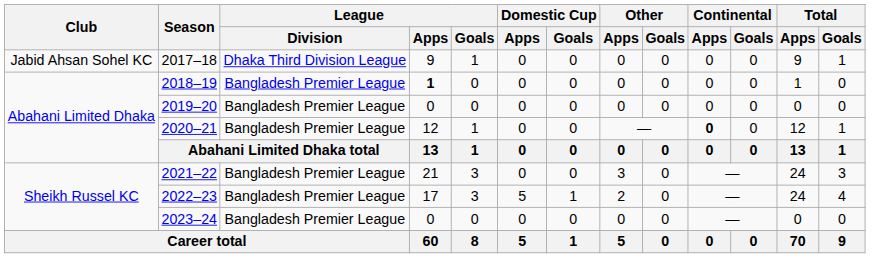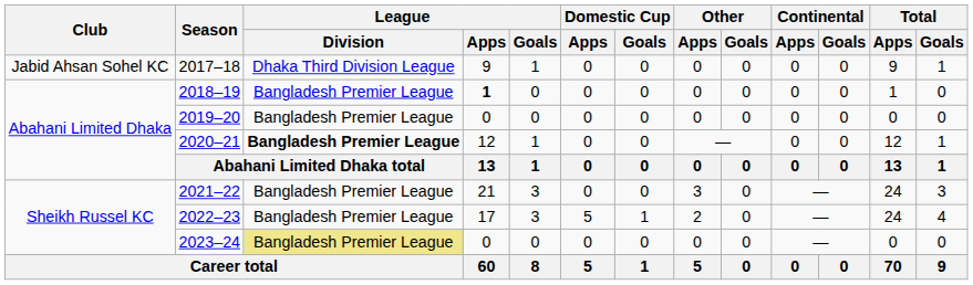 <table class="wikitable" style="text-align:center">
 <tr>
 <th rowspan="2">Club</th>
 <th rowspan="2">Season</th>
 <th colspan="3">League</th>
 <th colspan="2">Domestic Cup</th>
 <th colspan="2">Other</th>
 <th colspan="2">Continental</th>
 <th colspan="2">Total</th>
 </tr>
 <tr>
 <th>Division</th>
 <th>Apps</th>
 <th>Goals</th>
 <th>Apps</th>
 <th>Goals</th>
 <th>Apps</th>
 <th>Goals</th>
 <th>Apps</th>
 <th>Goals</th>
 <th>Apps</th>
 <th>Goals</th>
 </tr>
 <tr>
 <td>Jabid Ahsan Sohel KC</td>
 <td>2017–18</td>
 <td><a href='#'>Dhaka Third Division League</a></td>
 <td>9</td>
 <td>1</td>
 <td>0</td>
 <td>0</td>
 <td>0</td>
 <td>0</td>
 <td>0</td>
 <td>0</td>
 <td>9</td>
 <td>1</td>
 </tr>
 <tr>
 <td rowspan=4><a href='#'>Abahani Limited Dhaka</a></td>
 <td><a href='#'>2018–19</a></td>
 <td><a href='#'>Bangladesh Premier League</a></td>
 <td><strong>1</strong></td>
 <td>0</td>
 <td>0</td>
 <td>0</td>
 <td>0</td>
 <td>0</td>
 <td>0</td>
 <td>0</td>
 <td>1</td>
 <td>0</td>
 </tr>
 <tr>
 <td><a href='#'>2019–20</a></td>
 <td>Bangladesh Premier League</td>
 <td>0</td>
 <td>0</td>
 <td>0</td>
 <td>0</td>
 <td>0</td>
 <td>0</td>
 <td>0</td>
 <td>0</td>
 <td>0</td>
 <td>0</td>
 </tr>
 <tr>
 <td><a href='#'>2020–21</a></td>
-<td>Bangladesh Premier League</td>
+<td><strong>Bangladesh Premier League</strong></td>
 <td>12</td>
 <td>1</td>
 <td>0</td>
 <td>0</td>
 <td colspan="2">—</td>
-<td><strong>0</strong></td>
+<td>0</td>
 <td>0</td>
 <td>12</td>
 <td>1</td>
 </tr>
 <tr>
 <th colspan="2"><strong>Abahani Limited Dhaka total</strong></th>
 <th>13</th>
 <th>1</th>
 <th>0</th>
 <th>0</th>
 <th>0</th>
 <th>0</th>
 <th>0</th>
 <th>0</th>
 <th>13</th>
 <th>1</th>
 </tr>
 <tr>
 <td rowspan=3><a href='#'>Sheikh Russel KC</a></td>
 <td><a href='#'>2021–22</a></td>
 <td>Bangladesh Premier League</td>
 <td>21</td>
 <td>3</td>
 <td>0</td>
 <td>0</td>
 <td>3</td>
 <td>0</td>
 <td colspan="2">—</td>
 <td>24</td>
 <td>3</td>
 </tr>
 <tr>
 <td><a href='#'>2022–23</a></td>
 <td>Bangladesh Premier League</td>
 <td>17</td>
 <td>3</td>
 <td>5</td>
 <td>1</td>
 <td>2</td>
 <td>0</td>
 <td colspan="2">—</td>
 <td>24</td>
 <td>4</td>
 </tr>
 <tr>
 <td><a href='#'>2023–24</a></td>
-<td>Bangladesh Premier League</td>
+<td style="background: khaki;">Bangladesh Premier League</td>
 <td>0</td>
 <td>0</td>
 <td>0</td>
 <td>0</td>
 <td>0</td>
 <td>0</td>
 <td colspan="2">—</td>
 <td>0</td>
 <td>0</td>
 </tr>
 <tr>
 <th colspan="3">Career total</th>
 <th>60</th>
 <th>8</th>
 <th>5</th>
 <th>1</th>
 <th>5</th>
 <th>0</th>
 <th>0</th>
 <th>0</th>
 <th>70</th>
 <th>9</th>
 </tr>
 </table>
